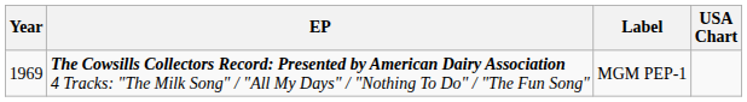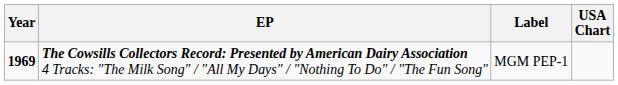 <table class="wikitable">
 <tr>
 <th>Year</th>
 <th>EP</th>
 <th>Label</th>
 <th>USA<br>Chart</th>
 </tr>
 <tr>
-<td>1969</td>
+<td><strong>1969</strong></td>
 <td><strong><em>The Cowsills Collectors Record: Presented by American Dairy Association</em></strong><br><em>4 Tracks: "The Milk Song" / "All My Days" / "Nothing To Do" / "The Fun Song"</em></td>
 <td>MGM PEP-1</td>
 <td></td>
 </tr>
 </table>
